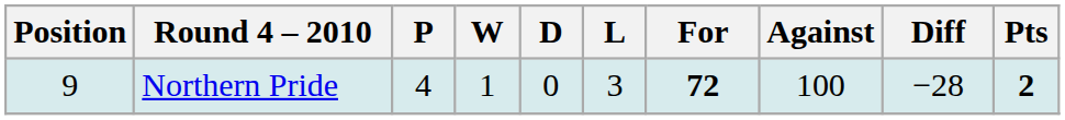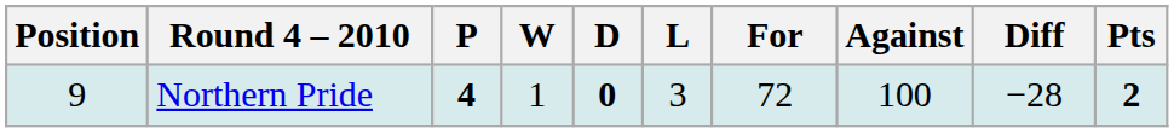 <table class="wikitable" style="text-align:center; font-size:85%;">
 <tr>
 <th width=40 abbr="Position">Position</th>
 <th width=100>Round 4 – 2010</th>
 <th width=20 abbr="Played">P</th>
 <th width=20 abbr="Won">W</th>
 <th width=20 abbr="Drawn">D</th>
 <th width=20 abbr="Lost">L</th>
 <th width=40 abbr="Points for">For</th>
 <th width=40 abbr="Points against">Against</th>
 <th width=40 abbr="Points difference">Diff</th>
 <th width=20 abbr="Points">Pts</th>
 </tr>
 <tr style="background: #d7ebed;">
 <td>9</td>
 <td style="text-align:left;"> <a href='#'>Northern Pride</a></td>
-<td>4</td>
+<td><strong>4</strong></td>
 <td>1</td>
-<td>0</td>
+<td><strong>0</strong></td>
 <td>3</td>
-<td><strong>72</strong></td>
+<td>72</td>
 <td>100</td>
 <td>−28</td>
 <td><strong>2</strong></td>
 </tr>
 <tr>
 </tr>
 </table>
